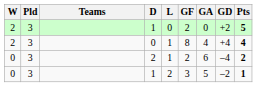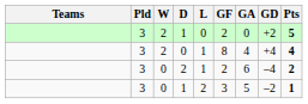 <table class="wikitable" style="text-align: center;">
 <tr>
+<th width=165>Teams</th>
+<th width=20>Pld</th>
 <th width=20>W</th>
-<th width=20>Pld</th>
-<th width=165>Teams</th>
 <th width=20>D</th>
 <th width=20>L</th>
 <th width=20>GF</th>
 <th width=20>GA</th>
 <th width=20>GD</th>
 <th width=20>Pts</th>
 </tr>
 <tr align=center style="background:#ccffcc;">
+<td style="text-align:left;"></td>
+<td>3</td>
 <td>2</td>
-<td>3</td>
-<td style="text-align:left;"></td>
 <td>1</td>
 <td>0</td>
 <td>2</td>
 <td>0</td>
 <td>+2</td>
 <td><strong>5</strong></td>
 </tr>
 <tr align=center>
+<td style="text-align:left;"></td>
+<td>3</td>
 <td>2</td>
-<td>3</td>
-<td style="text-align:left;"></td>
 <td>0</td>
 <td>1</td>
 <td>8</td>
 <td>4</td>
 <td>+4</td>
 <td><strong>4</strong></td>
 </tr>
 <tr align=center>
+<td style="text-align:left;"></td>
+<td>3</td>
 <td>0</td>
-<td>3</td>
-<td style="text-align:left;"></td>
 <td>2</td>
 <td>1</td>
 <td>2</td>
 <td>6</td>
 <td>–4</td>
 <td><strong>2</strong></td>
 </tr>
 <tr align=center>
+<td style="text-align:left;"></td>
+<td>3</td>
 <td>0</td>
-<td>3</td>
-<td style="text-align:left;"></td>
 <td>1</td>
 <td>2</td>
 <td>3</td>
 <td>5</td>
 <td>–2</td>
 <td><strong>1</strong></td>
 </tr>
 </table>
